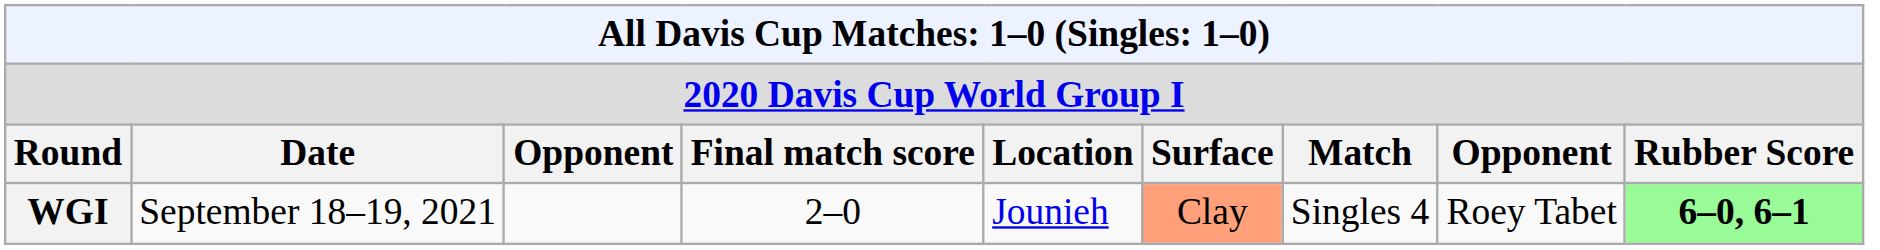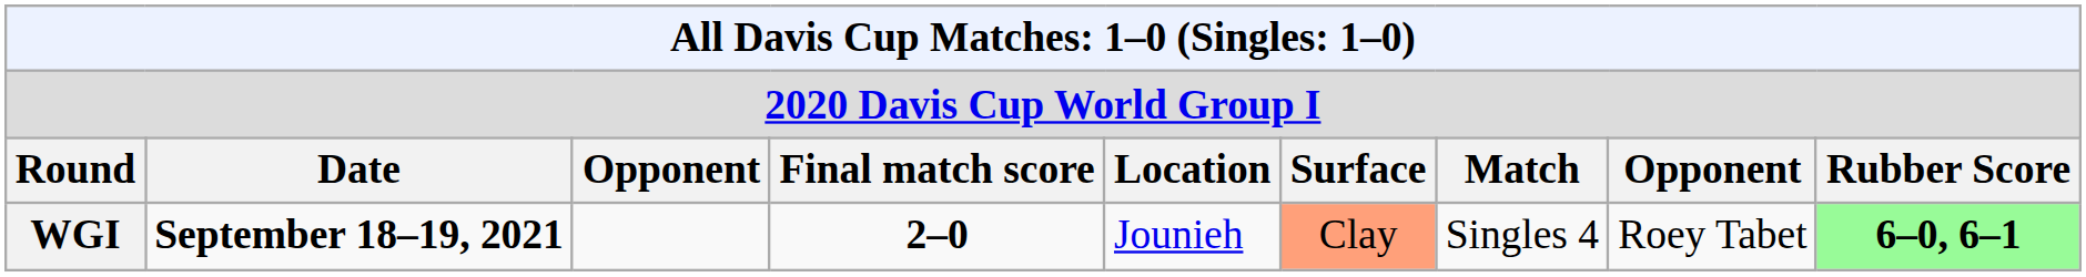 <table class="wikitable style=font-size:97%">
 <tr>
 <th colspan="9" style="width:555px; background:#ecf2ff;"><strong>All Davis Cup Matches: 1–0 (Singles: 1–0)</strong></th>
 </tr>
 <tr bgcolor=Gainsboro style="text-align:center;">
 <td colspan=9><strong><a href='#'>2020 Davis Cup World Group I</a></strong></td>
 </tr>
 <tr>
 <th>Round</th>
 <th>Date</th>
 <th>Opponent</th>
 <th>Final match score</th>
 <th>Location</th>
 <th>Surface</th>
 <th>Match</th>
 <th>Opponent</th>
 <th>Rubber Score</th>
 </tr>
 <tr>
 <th rowspan=1>WGI</th>
-<td rowspan=1>September 18–19, 2021</td>
+<td rowspan=1><strong>September 18–19, 2021</strong></td>
 <td rowspan=1></td>
-<td rowspan=1 style="text-align:center;">2–0</td>
+<td rowspan=1 style="text-align:center;"><strong>2–0</strong></td>
 <td rowspan=1><a href='#'>Jounieh</a></td>
 <td rowspan=1 style="text-align:center; background:#FFA07A;">Clay</td>
 <td>Singles 4</td>
 <td>Roey Tabet</td>
 <td style="text-align:center; background:#98FB98;"><strong>6–0, 6–1</strong></td>
 </tr>
 </table>
